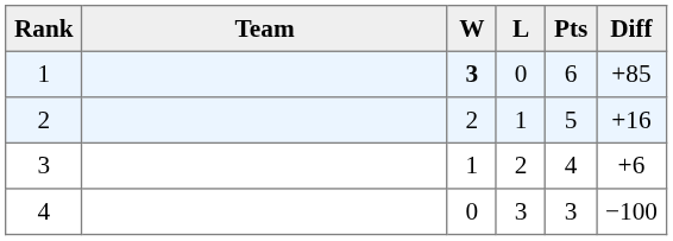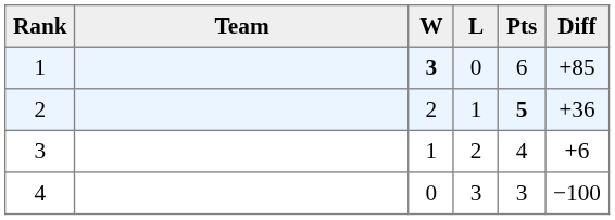 <table style=border-collapse:collapse border=1 cellspacing=0 cellpadding=5>
 <tr align=center bgcolor=#efefef>
 <th width=20>Rank</th>
 <th width=220>Team</th>
 <th width=20>W</th>
 <th width=20>L</th>
 <th width=20>Pts</th>
 <th width=25>Diff</th>
 </tr>
 <tr align=center bgcolor=#EBF5FF>
 <td>1</td>
 <td align=left></td>
 <td><strong>3</strong></td>
 <td>0</td>
 <td>6</td>
 <td>+85</td>
 </tr>
 <tr align=center bgcolor=#EBF5FF>
 <td>2</td>
 <td align=left></td>
 <td>2</td>
 <td>1</td>
-<td>5</td>
-<td>+16</td>
+<td><strong>5</strong></td>
+<td>+36</td>
 </tr>
 <tr align=center>
 <td>3</td>
 <td align=left></td>
 <td>1</td>
 <td>2</td>
 <td>4</td>
 <td>+6</td>
 </tr>
 <tr align=center>
 <td>4</td>
 <td align=left></td>
 <td>0</td>
 <td>3</td>
 <td>3</td>
 <td>−100</td>
 </tr>
 </table>
